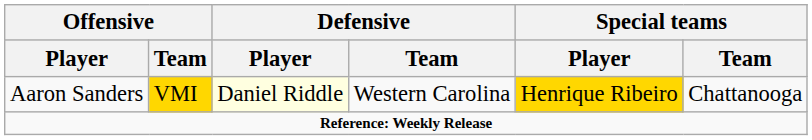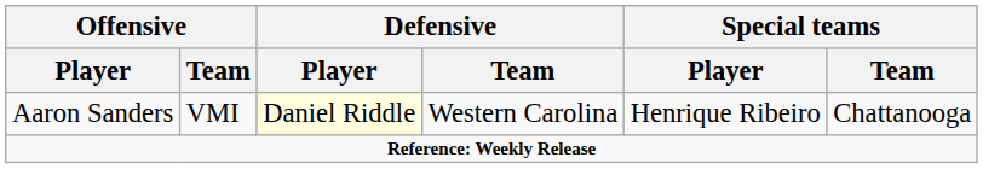 <table class="wikitable" border="1">
 <tr>
 <th colspan="2">Offensive</th>
 <th colspan="2">Defensive</th>
 <th colspan="2">Special teams</th>
 </tr>
 <tr>
 <th>Player</th>
 <th>Team</th>
 <th>Player</th>
 <th>Team</th>
 <th>Player</th>
 <th>Team</th>
 </tr>
 <tr>
 <td>Aaron Sanders</td>
-<td style="background: gold;">VMI</td>
+<td>VMI</td>
 <td style="background: lightyellow;">Daniel Riddle</td>
 <td>Western Carolina</td>
-<td style="background: gold;">Henrique Ribeiro</td>
+<td>Henrique Ribeiro</td>
 <td>Chattanooga</td>
 </tr>
 <tr>
 <td colspan="8" style="font-size: 8pt" align="center"><strong>Reference: Weekly Release</strong></td>
 </tr>
 </table>
